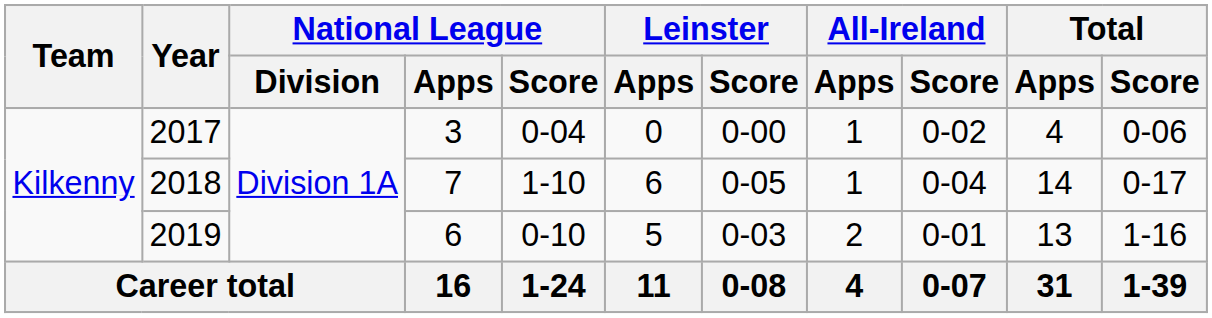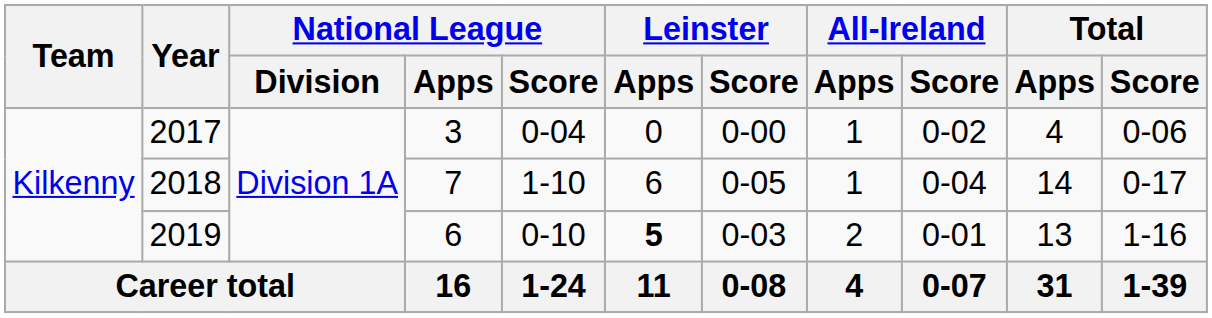 <table class="wikitable" style="text-align:center">
 <tr>
 <th rowspan="2">Team</th>
 <th rowspan="2">Year</th>
 <th colspan="3"><a href='#'>National League</a></th>
 <th colspan="2"><a href='#'>Leinster</a></th>
 <th colspan="2"><a href='#'>All-Ireland</a></th>
 <th colspan="2">Total</th>
 </tr>
 <tr>
 <th>Division</th>
 <th>Apps</th>
 <th>Score</th>
 <th>Apps</th>
 <th>Score</th>
 <th>Apps</th>
 <th>Score</th>
 <th>Apps</th>
 <th>Score</th>
 </tr>
 <tr>
 <td rowspan="3"><a href='#'>Kilkenny</a></td>
 <td>2017</td>
 <td rowspan="3"><a href='#'>Division 1A</a></td>
 <td>3</td>
 <td>0-04</td>
 <td>0</td>
 <td>0-00</td>
 <td>1</td>
 <td>0-02</td>
 <td>4</td>
 <td>0-06</td>
 </tr>
 <tr>
 <td>2018</td>
 <td>7</td>
 <td>1-10</td>
 <td>6</td>
 <td>0-05</td>
 <td>1</td>
 <td>0-04</td>
 <td>14</td>
 <td>0-17</td>
 </tr>
 <tr>
 <td>2019</td>
 <td>6</td>
 <td>0-10</td>
-<td>5</td>
+<td><strong>5</strong></td>
 <td>0-03</td>
 <td>2</td>
 <td>0-01</td>
 <td>13</td>
 <td>1-16</td>
 </tr>
 <tr>
 <th colspan="3">Career total</th>
 <th>16</th>
 <th>1-24</th>
 <th>11</th>
 <th>0-08</th>
 <th>4</th>
 <th>0-07</th>
 <th>31</th>
 <th>1-39</th>
 </tr>
 </table>
